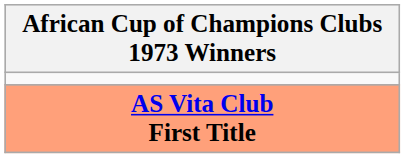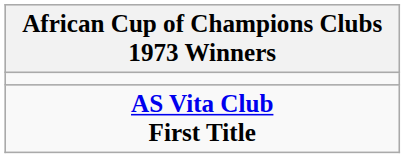 <table class="wikitable" style="text-align: center; margin: 0 auto; width: 20%">
 <tr>
 <th>African Cup of Champions Clubs<br>1973 Winners</th>
 </tr>
 <tr>
 <td></td>
 </tr>
 <tr>
-<td style="background: lightsalmon;"><strong><a href='#'>AS Vita Club</a></strong><br><strong>First Title</strong></td>
+<td><strong><a href='#'>AS Vita Club</a></strong><br><strong>First Title</strong></td>
 </tr>
 </table>
